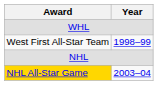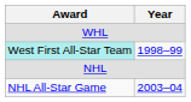 <table class="wikitable">
 <tr>
 <th>Award</th>
 <th>Year</th>
 </tr>
 <tr ALIGN="center" bgcolor="#e0e0e0">
 <td colspan="2"><a href='#'>WHL</a></td>
 </tr>
 <tr>
-<td>West First All-Star Team</td>
+<td style="background: paleturquoise;">West First All-Star Team</td>
 <td><a href='#'>1998–99</a></td>
 </tr>
 <tr ALIGN="center" bgcolor="#e0e0e0">
 <td colspan="2"><a href='#'>NHL</a></td>
 </tr>
 <tr>
-<td style="background: gold;"><a href='#'>NHL All-Star Game</a></td>
+<td><a href='#'>NHL All-Star Game</a></td>
 <td><a href='#'>2003–04</a></td>
 </tr>
 </table>
